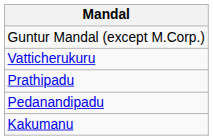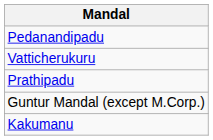 <table class="wikitable sortable static-row-numbers static-row-header-hash">
 <tr>
 <th>Mandal</th>
 </tr>
 <tr>
-<td>Guntur Mandal (except M.Corp.)</td>
+<td><a href='#'>Pedanandipadu</a></td>
 </tr>
 <tr>
 <td><a href='#'>Vatticherukuru</a></td>
 </tr>
 <tr>
 <td><a href='#'>Prathipadu</a></td>
 </tr>
 <tr>
-<td><a href='#'>Pedanandipadu</a></td>
+<td>Guntur Mandal (except M.Corp.)</td>
 </tr>
 <tr>
 <td><a href='#'>Kakumanu</a></td>
 </tr>
 </table>
